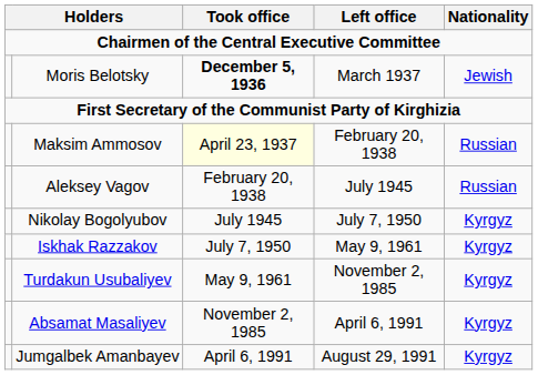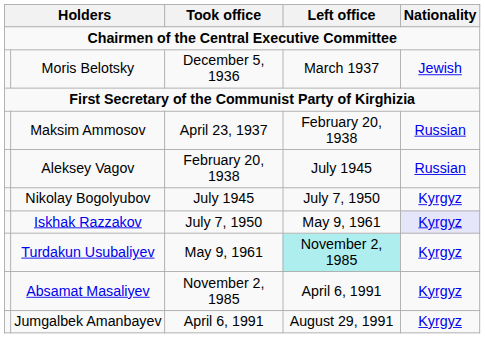 <table class="wikitable" style="text-align:center">
 <tr style="background:#cccccc">
 <th colspan="2" width="150">Holders</th>
 <th rowspan="1" width="125">Took office</th>
 <th rowspan="1" width="125">Left office</th>
 <th>Nationality</th>
 </tr>
 <tr>
 <td colspan="6" align=center><strong>Chairmen of the Central Executive Committee</strong></td>
 </tr>
 <tr>
 <td rowspan="1" style="background-color: "></td>
 <td rowspan=1>Moris Belotsky<br></td>
-<td rowspan=1><strong>December 5, 1936</strong></td>
+<td rowspan=1>December 5, 1936</td>
 <td rowspan=1>March 1937</td>
 <td rowspan=1><a href='#'>Jewish</a><br></td>
 </tr>
 <tr>
 <td colspan="6" align=center><strong>First Secretary of the Communist Party of Kirghizia</strong></td>
 </tr>
 <tr>
 <td rowspan="1" style="background-color: "></td>
 <td rowspan=1>Maksim Ammosov<br></td>
-<td rowspan=1 style="background: lightyellow;">April 23, 1937<br></td>
+<td rowspan=1>April 23, 1937<br></td>
 <td rowspan=1>February 20, 1938<br></td>
 <td rowspan=1><a href='#'>Russian</a><br></td>
 </tr>
 <tr>
 <td rowspan="1" style="background-color: "></td>
 <td rowspan=1>Aleksey Vagov<br></td>
 <td rowspan=1>February 20, 1938<br></td>
 <td rowspan=1>July 1945<br></td>
 <td rowspan=1><a href='#'>Russian</a><br></td>
 </tr>
 <tr>
 <td rowspan="1" style="background-color: "></td>
 <td rowspan=1>Nikolay Bogolyubov<br></td>
 <td rowspan=1>July 1945<br></td>
 <td rowspan=1>July 7, 1950<br></td>
 <td rowspan=1><a href='#'>Kyrgyz</a><br></td>
 </tr>
 <tr>
 <td rowspan="1" style="background-color: "></td>
 <td rowspan=1><a href='#'>Iskhak Razzakov</a><br></td>
 <td rowspan=1>July 7, 1950<br></td>
 <td rowspan=1>May 9, 1961<br></td>
-<td rowspan=1><a href='#'>Kyrgyz</a><br></td>
+<td rowspan=1 style="background: lavender;"><a href='#'>Kyrgyz</a><br></td>
 </tr>
 <tr>
 <td rowspan="1" style="background-color: "></td>
 <td rowspan=1><a href='#'>Turdakun Usubaliyev</a><br></td>
 <td rowspan=1>May 9, 1961<br></td>
-<td rowspan=1>November 2, 1985<br></td>
+<td rowspan=1 style="background: paleturquoise;">November 2, 1985<br></td>
 <td rowspan=1><a href='#'>Kyrgyz</a><br></td>
 </tr>
 <tr>
 <td rowspan="1" style="background-color: "></td>
 <td rowspan=1><a href='#'>Absamat Masaliyev</a><br></td>
 <td rowspan=1>November 2, 1985<br></td>
 <td rowspan=1>April 6, 1991<br></td>
 <td rowspan=1><a href='#'>Kyrgyz</a><br></td>
 </tr>
 <tr>
 <td rowspan="1" style="background-color: "></td>
 <td rowspan=1>Jumgalbek Amanbayev<br></td>
 <td rowspan=1>April 6, 1991<br></td>
 <td rowspan=1>August 29, 1991<br></td>
 <td rowspan=1><a href='#'>Kyrgyz</a><br></td>
 </tr>
 </table>
